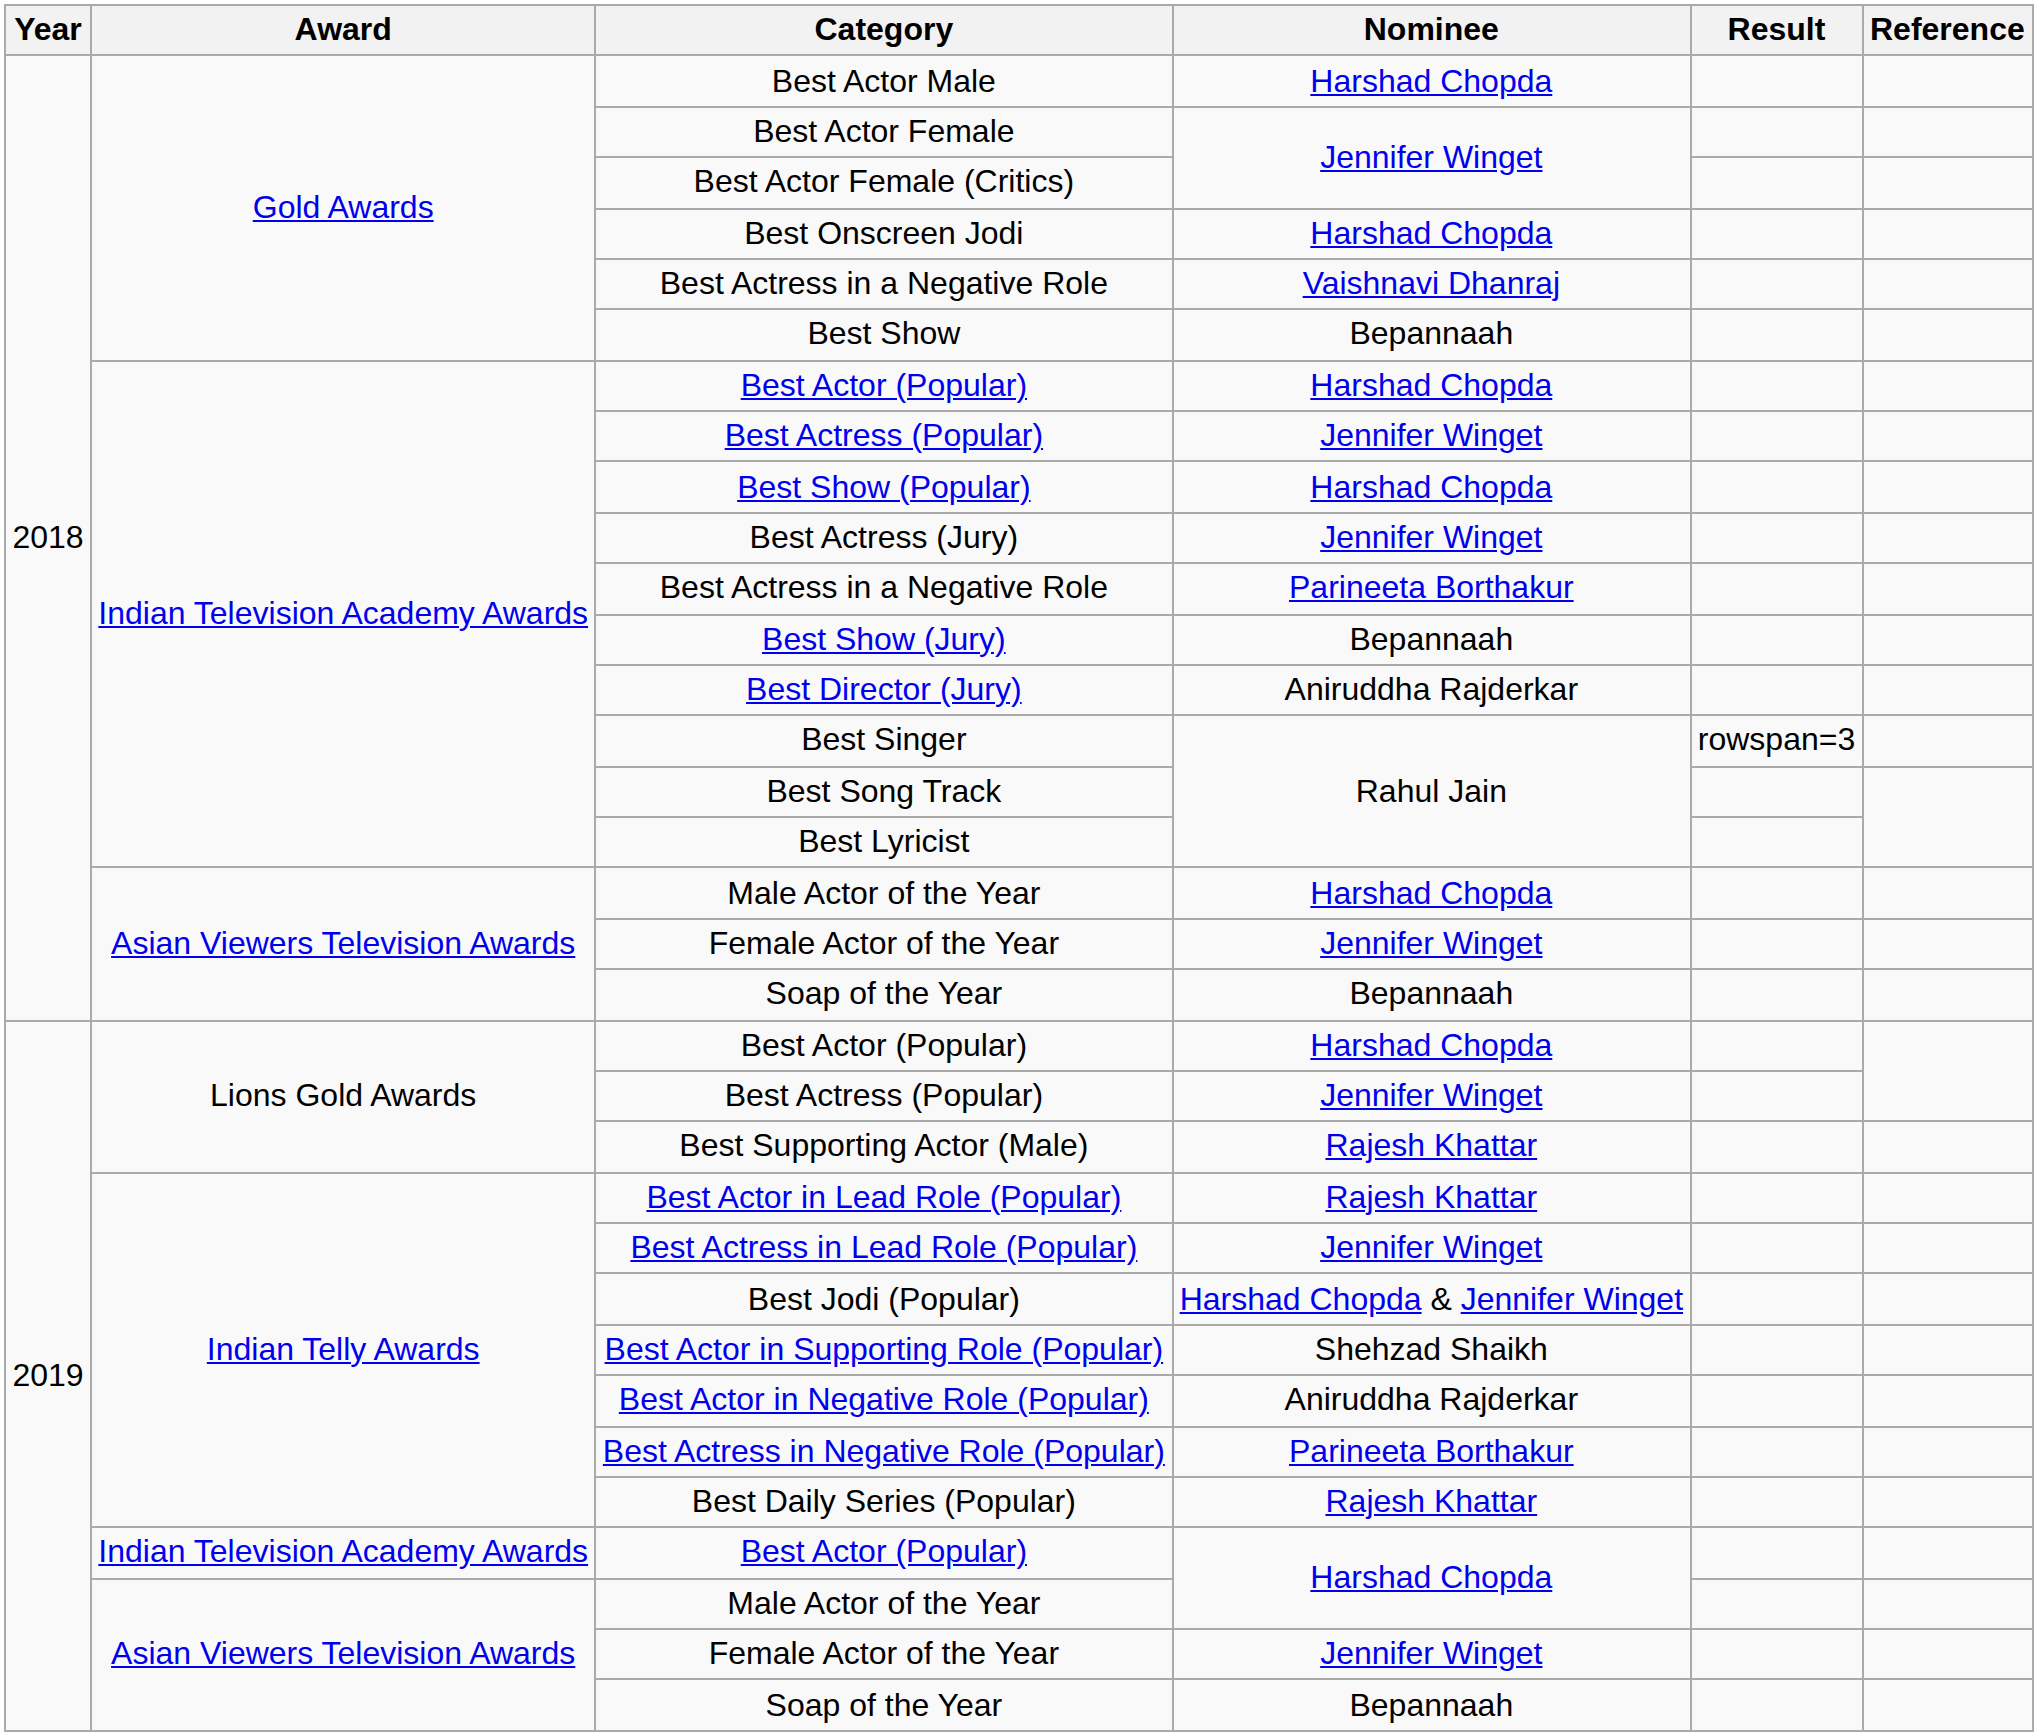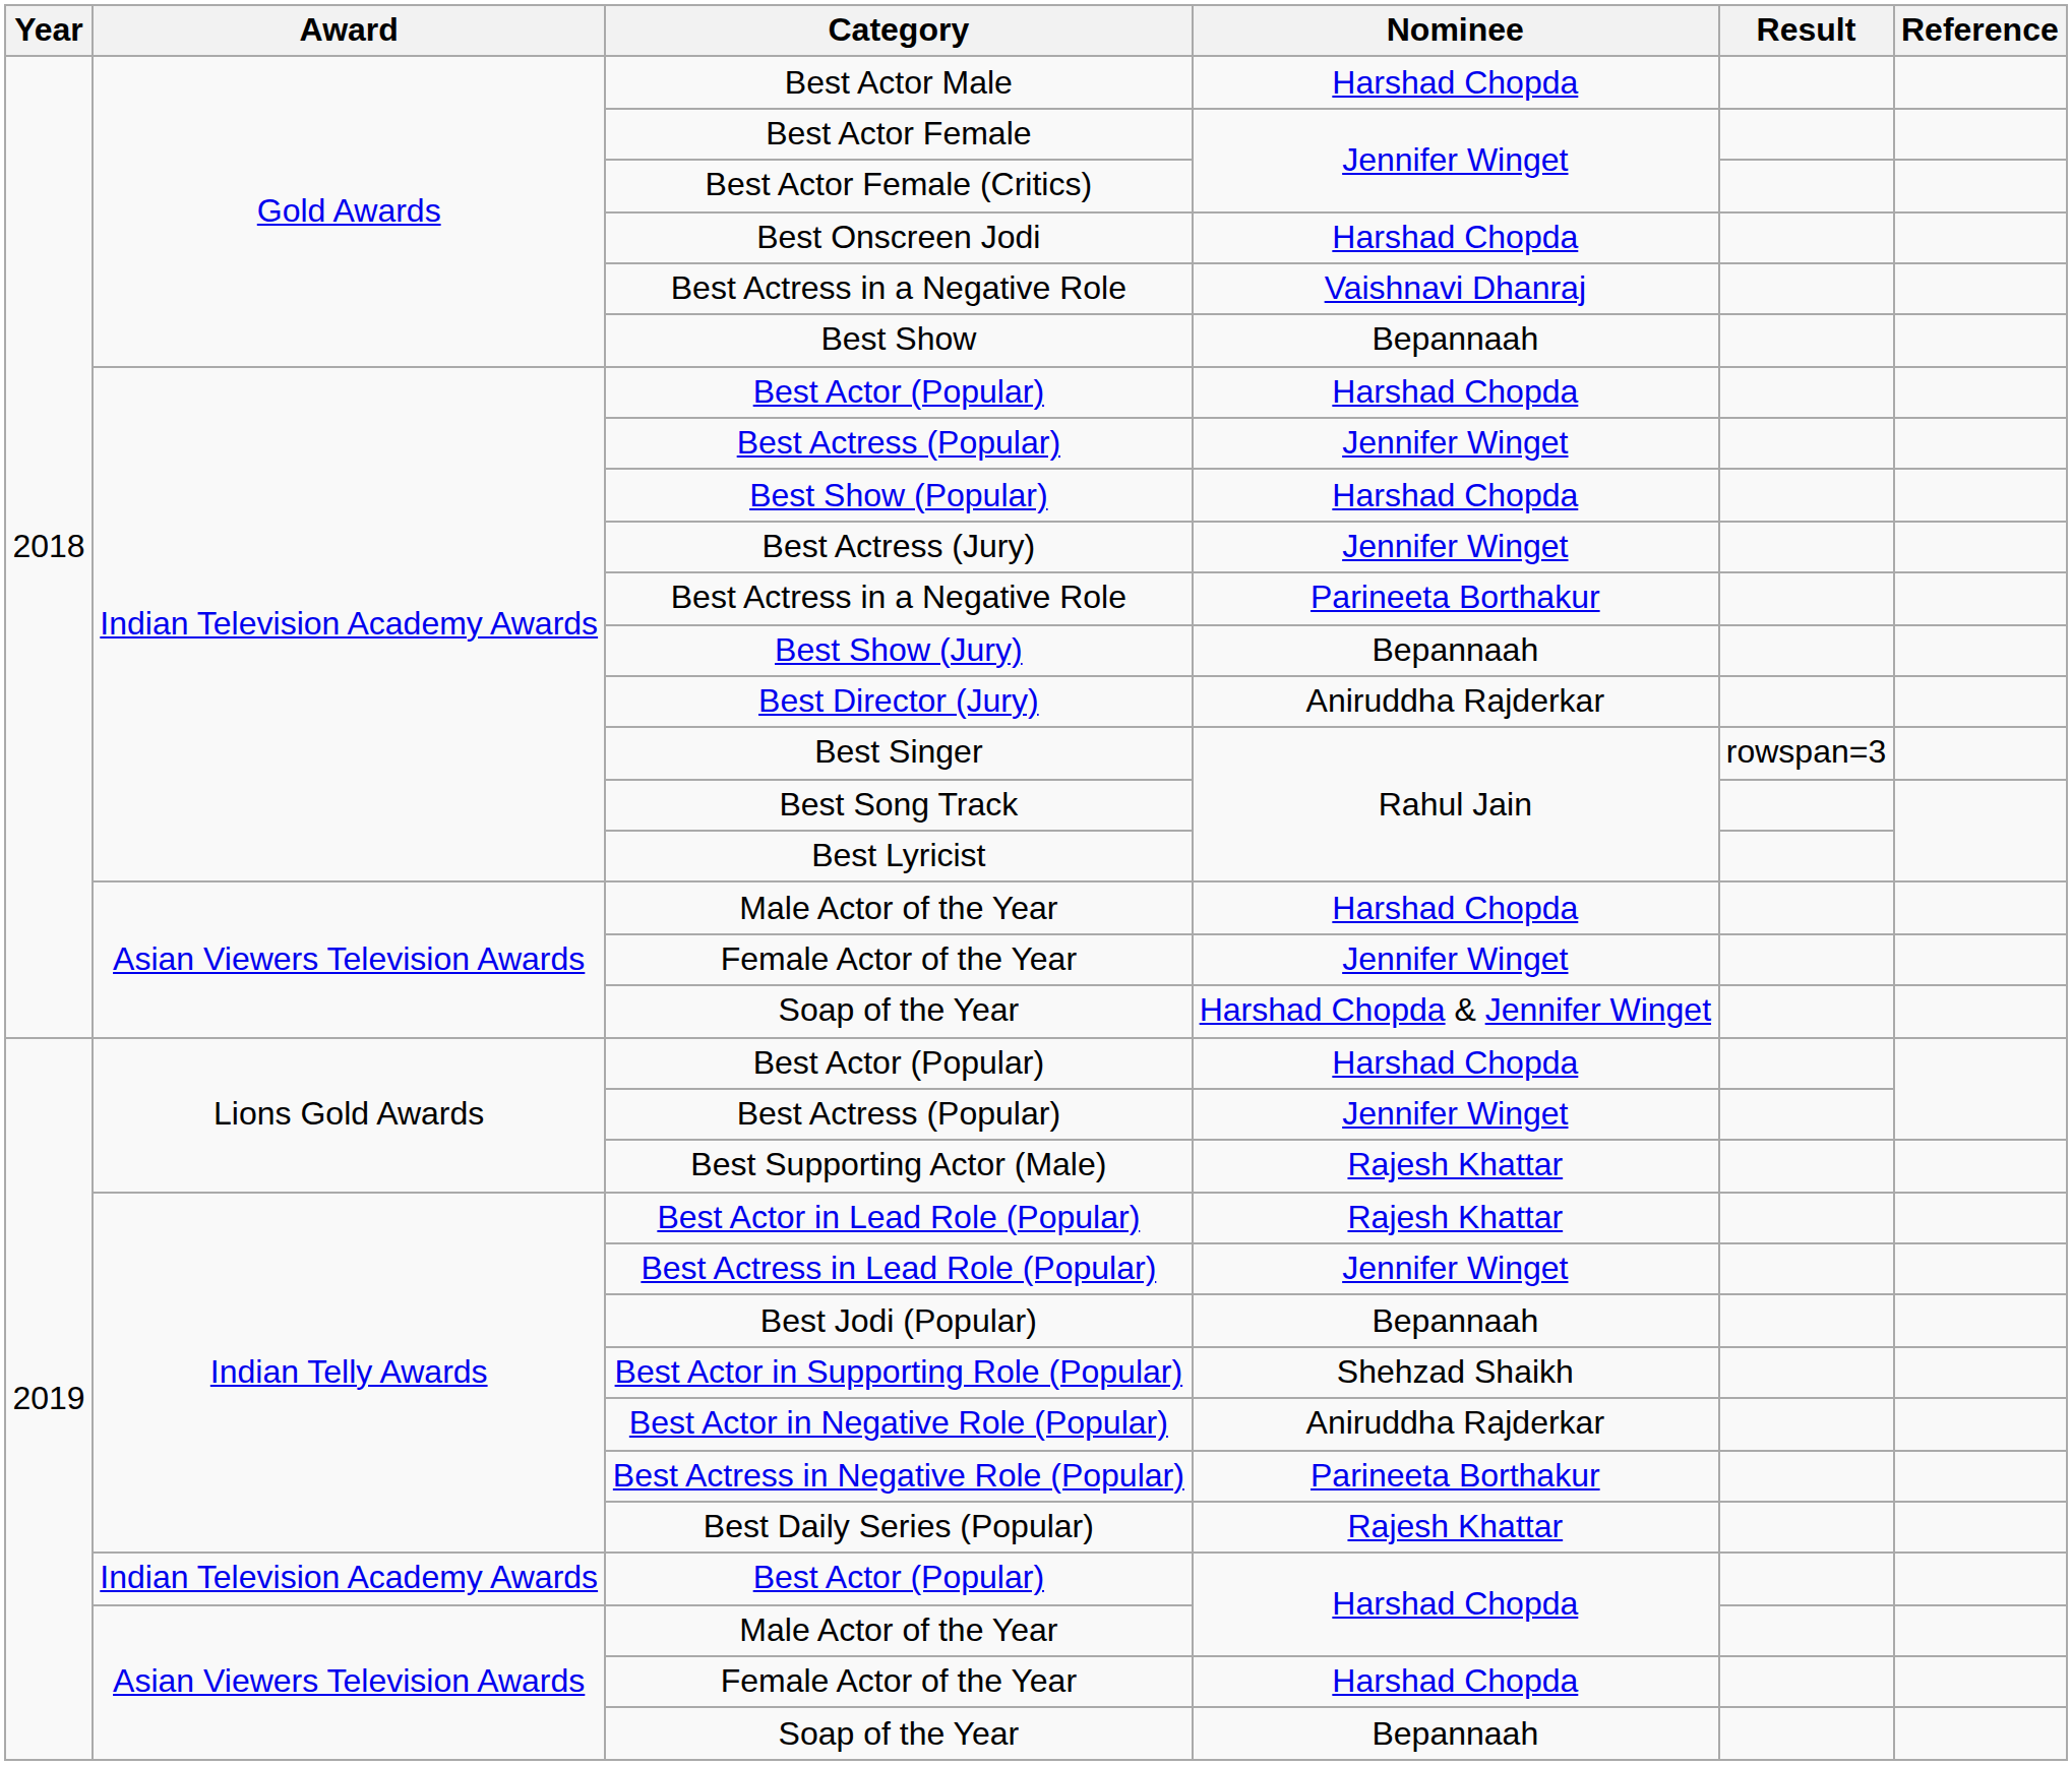 <table class="wikitable" style="text-align:center;">
 <tr>
 <th>Year</th>
 <th>Award</th>
 <th>Category</th>
 <th>Nominee</th>
 <th>Result</th>
 <th>Reference</th>
 </tr>
 <tr>
 <td rowspan=19>2018</td>
 <td rowspan=6><a href='#'>Gold Awards</a></td>
 <td>Best Actor Male</td>
 <td><a href='#'>Harshad Chopda</a></td>
 <td></td>
 <td></td>
 </tr>
 <tr>
 <td>Best Actor Female</td>
 <td rowspan=2><a href='#'>Jennifer Winget</a></td>
 <td></td>
 <td></td>
 </tr>
 <tr>
 <td>Best Actor Female (Critics)</td>
 <td></td>
 <td></td>
 </tr>
 <tr>
 <td>Best Onscreen Jodi</td>
 <td><a href='#'>Harshad Chopda</a></td>
 <td></td>
 <td></td>
 </tr>
 <tr>
 <td>Best Actress in a Negative Role</td>
 <td><a href='#'>Vaishnavi Dhanraj</a></td>
 <td></td>
 <td></td>
 </tr>
 <tr>
 <td>Best Show</td>
 <td>Bepannaah</td>
 <td></td>
 <td></td>
 </tr>
 <tr>
 <td rowspan=10><a href='#'>Indian Television Academy Awards</a></td>
 <td><a href='#'>Best Actor (Popular)</a></td>
 <td><a href='#'>Harshad Chopda</a></td>
 <td></td>
 <td></td>
 </tr>
 <tr>
 <td><a href='#'>Best Actress (Popular)</a></td>
 <td><a href='#'>Jennifer Winget</a></td>
 <td></td>
 <td></td>
 </tr>
 <tr>
 <td><a href='#'>Best Show (Popular)</a></td>
 <td><a href='#'>Harshad Chopda</a></td>
 <td></td>
 <td></td>
 </tr>
 <tr>
 <td>Best Actress (Jury)</td>
 <td><a href='#'>Jennifer Winget</a></td>
 <td></td>
 <td></td>
 </tr>
 <tr>
 <td>Best Actress in a Negative Role</td>
 <td><a href='#'>Parineeta Borthakur</a></td>
 <td></td>
 <td></td>
 </tr>
 <tr>
 <td><a href='#'>Best Show (Jury)</a></td>
 <td>Bepannaah</td>
 <td></td>
 <td></td>
 </tr>
 <tr>
 <td><a href='#'>Best Director (Jury)</a></td>
 <td>Aniruddha Rajderkar</td>
 <td></td>
 <td></td>
 </tr>
 <tr>
 <td>Best Singer</td>
 <td rowspan=3>Rahul Jain</td>
 <td>rowspan=3 </td>
 <td></td>
 </tr>
 <tr>
 <td>Best Song Track</td>
 <td></td>
 </tr>
 <tr>
 <td>Best Lyricist</td>
 <td></td>
 </tr>
 <tr>
 <td rowspan=3><a href='#'>Asian Viewers Television Awards</a></td>
 <td>Male Actor of the Year</td>
 <td><a href='#'>Harshad Chopda</a></td>
 <td></td>
 <td></td>
 </tr>
 <tr>
 <td>Female Actor of the Year</td>
 <td><a href='#'>Jennifer Winget</a></td>
 <td></td>
 <td></td>
 </tr>
 <tr>
 <td>Soap of the Year</td>
-<td>Bepannaah</td>
+<td><a href='#'>Harshad Chopda</a> & <a href='#'>Jennifer Winget</a></td>
 <td></td>
 <td></td>
 </tr>
 <tr>
 <td rowspan=14>2019</td>
 <td rowspan=3>Lions Gold Awards</td>
 <td>Best Actor (Popular)</td>
 <td><a href='#'>Harshad Chopda</a></td>
 <td></td>
 <td rowspan=2></td>
 </tr>
 <tr>
 <td>Best Actress (Popular)</td>
 <td><a href='#'>Jennifer Winget</a></td>
 <td></td>
 </tr>
 <tr>
 <td>Best Supporting Actor (Male)</td>
 <td><a href='#'>Rajesh Khattar</a></td>
 <td></td>
 <td></td>
 </tr>
 <tr>
 <td rowspan=7><a href='#'>Indian Telly Awards</a></td>
 <td><a href='#'>Best Actor in Lead Role (Popular)</a></td>
 <td><a href='#'>Rajesh Khattar</a></td>
 <td></td>
 <td></td>
 </tr>
 <tr>
 <td><a href='#'>Best Actress in Lead Role (Popular)</a></td>
 <td><a href='#'>Jennifer Winget</a></td>
 <td></td>
 <td></td>
 </tr>
 <tr>
 <td>Best Jodi (Popular)</td>
-<td><a href='#'>Harshad Chopda</a> & <a href='#'>Jennifer Winget</a></td>
+<td>Bepannaah</td>
 <td></td>
 <td></td>
 </tr>
 <tr>
 <td><a href='#'>Best Actor in Supporting Role (Popular)</a></td>
 <td>Shehzad Shaikh</td>
 <td></td>
 <td></td>
 </tr>
 <tr>
 <td><a href='#'>Best Actor in Negative Role (Popular)</a></td>
 <td>Aniruddha Rajderkar</td>
 <td></td>
 <td></td>
 </tr>
 <tr>
 <td><a href='#'>Best Actress in Negative Role (Popular)</a></td>
 <td><a href='#'>Parineeta Borthakur</a></td>
 <td></td>
 <td></td>
 </tr>
 <tr>
 <td>Best Daily Series (Popular)</td>
 <td><a href='#'>Rajesh Khattar</a></td>
 <td></td>
 <td></td>
 </tr>
 <tr>
 <td><a href='#'>Indian Television Academy Awards</a></td>
 <td><a href='#'>Best Actor (Popular)</a></td>
 <td rowspan=2><a href='#'>Harshad Chopda</a></td>
 <td></td>
 <td></td>
 </tr>
 <tr>
 <td rowspan=3><a href='#'>Asian Viewers Television Awards</a></td>
 <td>Male Actor of the Year</td>
 <td></td>
 <td></td>
 </tr>
 <tr>
 <td>Female Actor of the Year</td>
-<td><a href='#'>Jennifer Winget</a></td>
+<td><a href='#'>Harshad Chopda</a></td>
 <td></td>
 <td></td>
 </tr>
 <tr>
 <td>Soap of the Year</td>
 <td>Bepannaah</td>
 <td></td>
 <td></td>
 </tr>
 </table>
